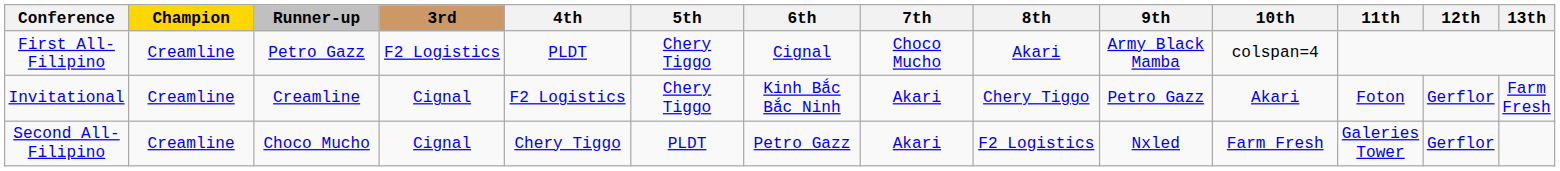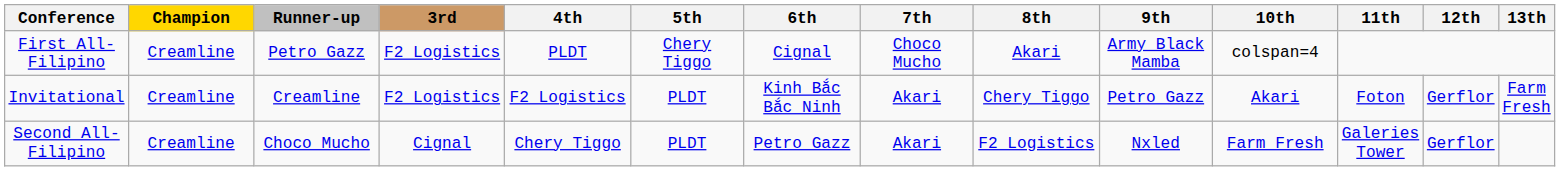 <table class="wikitable" style="font-size:100%; text-align:center">
 <tr>
 <th width=5%>Conference</th>
 <th width=9% style="background:gold;">Champion</th>
 <th width=9% style="background:silver;">Runner-up</th>
 <th width=9% style="background:#CC9966;">3rd</th>
 <th width=9%>4th</th>
 <th width=9%>5th</th>
 <th width=9%>6th</th>
 <th width=9%>7th</th>
 <th width=9%>8th</th>
 <th width=9%>9th</th>
 <th width=9%>10th</th>
 <th width=9%>11th</th>
 <th width=9%>12th</th>
 <th width=9%>13th</th>
 </tr>
 <tr>
 <td><a href='#'>First All-Filipino</a></td>
 <td><a href='#'>Creamline</a></td>
 <td><a href='#'>Petro Gazz</a></td>
 <td><a href='#'>F2 Logistics</a></td>
 <td><a href='#'>PLDT</a></td>
 <td><a href='#'>Chery Tiggo</a></td>
 <td><a href='#'>Cignal</a></td>
 <td><a href='#'>Choco Mucho</a></td>
 <td><a href='#'>Akari</a></td>
 <td><a href='#'>Army Black Mamba</a></td>
 <td>colspan=4 </td>
 </tr>
 <tr>
 <td><a href='#'>Invitational</a></td>
 <td><a href='#'>Creamline</a></td>
 <td><a href='#'>Creamline</a></td>
-<td><a href='#'>Cignal</a></td>
 <td><a href='#'>F2 Logistics</a></td>
-<td><a href='#'>Chery Tiggo</a></td>
+<td><a href='#'>F2 Logistics</a></td>
+<td><a href='#'>PLDT</a></td>
 <td><a href='#'>Kinh Bắc Bắc Ninh</a></td>
 <td><a href='#'>Akari</a></td>
 <td><a href='#'>Chery Tiggo</a></td>
 <td><a href='#'>Petro Gazz</a></td>
 <td><a href='#'>Akari</a></td>
 <td><a href='#'>Foton</a></td>
 <td><a href='#'>Gerflor</a></td>
 <td><a href='#'>Farm Fresh</a></td>
 </tr>
 <tr>
 <td><a href='#'>Second All-Filipino</a></td>
 <td><a href='#'>Creamline</a></td>
 <td><a href='#'>Choco Mucho</a></td>
 <td><a href='#'>Cignal</a></td>
 <td><a href='#'>Chery Tiggo</a></td>
 <td><a href='#'>PLDT</a></td>
 <td><a href='#'>Petro Gazz</a></td>
 <td><a href='#'>Akari</a></td>
 <td><a href='#'>F2 Logistics</a></td>
 <td><a href='#'>Nxled</a></td>
 <td><a href='#'>Farm Fresh</a></td>
 <td><a href='#'>Galeries Tower</a></td>
 <td><a href='#'>Gerflor</a></td>
 <td></td>
 </tr>
 </table>
